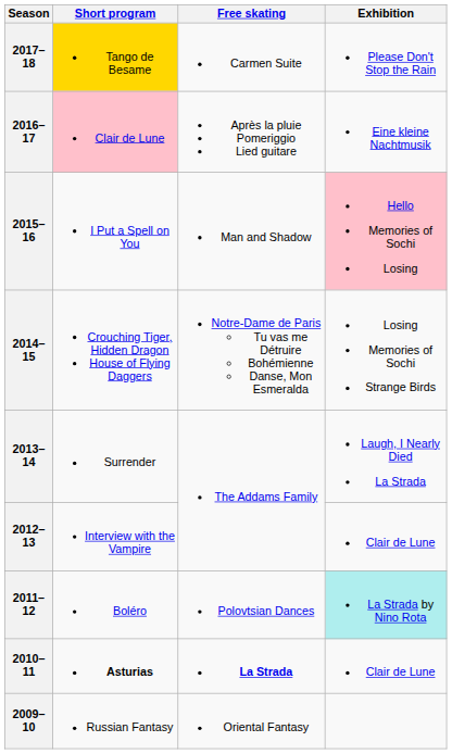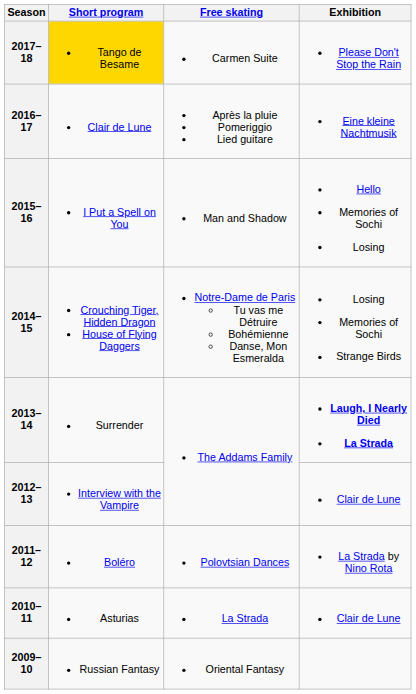 <table class="wikitable" style="text-align:center">
 <tr>
 <th>Season</th>
 <th><a href='#'>Short program</a></th>
 <th><a href='#'>Free skating</a></th>
 <th>Exhibition</th>
 </tr>
 <tr>
 <th>2017–18 <br> </th>
 <td style="background: gold;"><br><ul><li>Tango de Besame <br></li></ul></td>
 <td><br><ul><li>Carmen Suite</li></ul></td>
 <td><br><ul><li><a href='#'>Please Don't Stop the Rain</a> <br></li></ul></td>
 </tr>
 <tr>
 <th>2016–17 <br> </th>
-<td style="background: pink;"><br><ul><li><a href='#'>Clair de Lune</a> <br></li></ul></td>
+<td><br><ul><li><a href='#'>Clair de Lune</a> <br></li></ul></td>
 <td><br><ul><li>Après la pluie</li><li>Pomeriggio</li><li>Lied guitare <br></li></ul></td>
 <td><br><ul><li><a href='#'>Eine kleine Nachtmusik</a> <br></li></ul></td>
 </tr>
 <tr>
 <th>2015–16 <br> </th>
 <td><br><ul><li><a href='#'>I Put a Spell on You</a> <br></li></ul></td>
 <td><br><ul><li>Man and Shadow <br></li></ul></td>
-<td style="background: pink;"><br><ul><li><a href='#'>Hello</a> <br></li></ul><ul><li>Memories of Sochi</li></ul><ul><li>Losing <br></li></ul></td>
+<td><br><ul><li><a href='#'>Hello</a> <br></li></ul><ul><li>Memories of Sochi</li></ul><ul><li>Losing <br></li></ul></td>
 </tr>
 <tr>
 <th>2014–15 <br> </th>
 <td><br><ul><li><a href='#'>Crouching Tiger, Hidden Dragon</a> <br></li><li><a href='#'>House of Flying Daggers</a> <br></li></ul></td>
 <td><br><ul><li><a href='#'>Notre-Dame de Paris</a> <br><ul><li>Tu vas me Détruire <br></li><li>Bohémienne <br></li><li>Danse, Mon Esmeralda <br></li></ul></li></ul></td>
 <td><br><ul><li>Losing <br></li></ul><ul><li>Memories of Sochi</li></ul><ul><li>Strange Birds <br></li></ul></td>
 </tr>
 <tr>
 <th>2013–14 <br> </th>
 <td><br><ul><li>Surrender <br></li></ul></td>
 <td rowspan=2><br><ul><li><a href='#'>The Addams Family</a> <br></li></ul></td>
-<td><br><ul><li><a href='#'>Laugh, I Nearly Died</a> <br></li></ul><ul><li><a href='#'>La Strada</a> <br></li></ul></td>
+<td><strong><br><ul><li><a href='#'>Laugh, I Nearly Died</a> <br></li></ul><ul><li><a href='#'>La Strada</a> <br></li></ul></strong></td>
 </tr>
 <tr>
 <th>2012–13 <br> </th>
 <td><br><ul><li><a href='#'>Interview with the Vampire</a> <br></li></ul></td>
 <td><br><ul><li><a href='#'>Clair de Lune</a> <br></li></ul></td>
 </tr>
 <tr>
 <th>2011–12 <br> </th>
 <td><br><ul><li><a href='#'>Boléro</a> <br></li></ul></td>
 <td><br><ul><li><a href='#'>Polovtsian Dances</a> <br></li></ul></td>
-<td style="background: paleturquoise;"><br><ul><li><a href='#'>La Strada</a> by <a href='#'>Nino Rota</a></li></ul></td>
+<td><br><ul><li><a href='#'>La Strada</a> by <a href='#'>Nino Rota</a></li></ul></td>
 </tr>
 <tr>
 <th>2010–11 <br> </th>
-<td><strong><br><ul><li>Asturias <br></li></ul></strong></td>
-<td><strong><br><ul><li><a href='#'>La Strada</a> <br></li></ul></strong></td>
+<td><br><ul><li>Asturias <br></li></ul></td>
+<td><br><ul><li><a href='#'>La Strada</a> <br></li></ul></td>
 <td><br><ul><li><a href='#'>Clair de Lune</a> <br></li></ul></td>
 </tr>
 <tr>
 <th>2009–10 <br> </th>
 <td><br><ul><li>Russian Fantasy <br></li></ul></td>
 <td><br><ul><li>Oriental Fantasy <br></li></ul></td>
 <td></td>
 </tr>
 </table>
